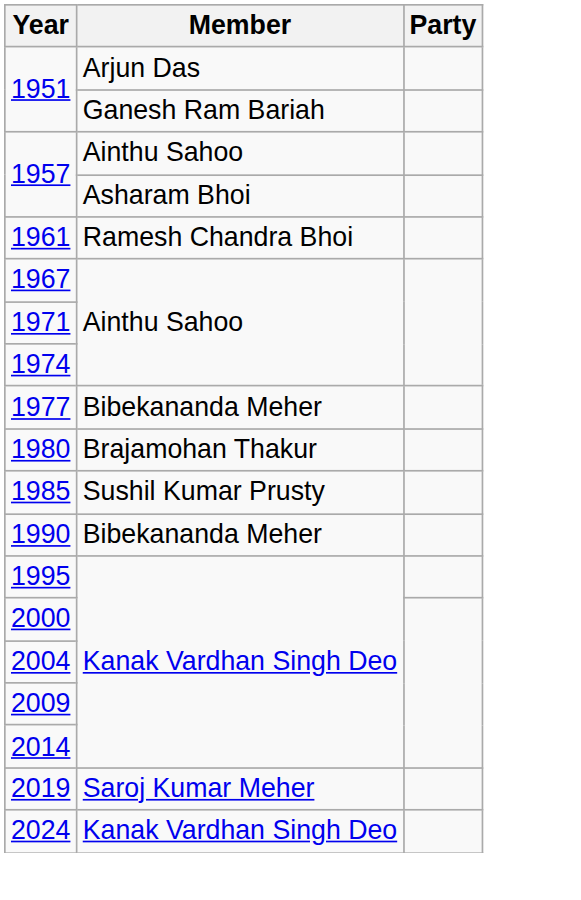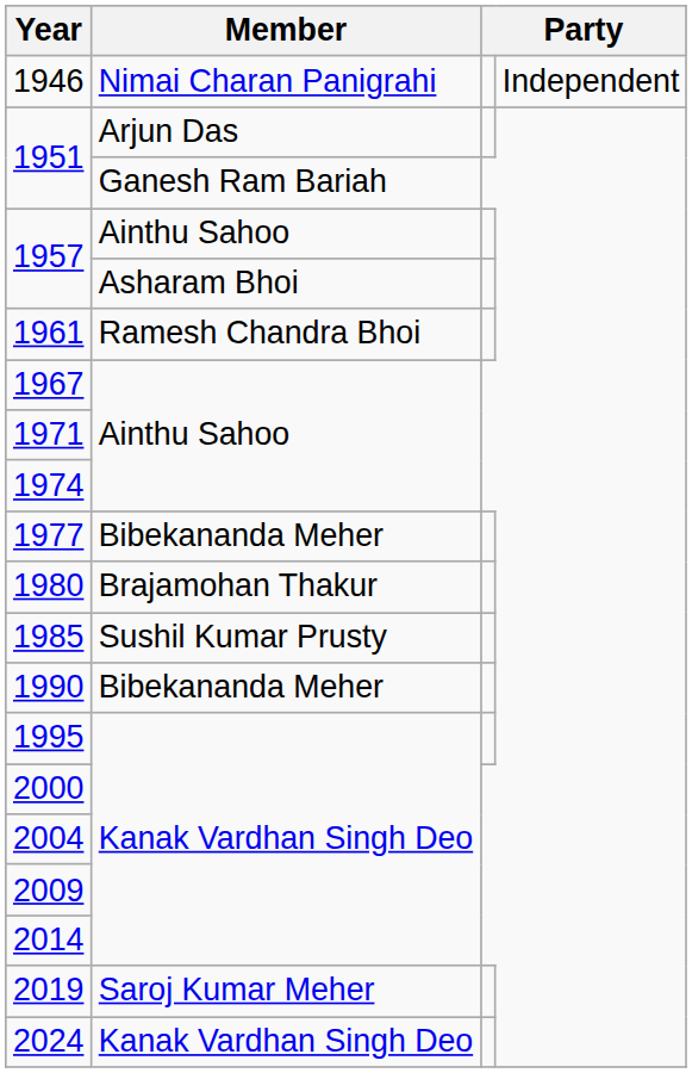 <table class="wikitable">
 <tr>
 <th>Year</th>
 <th>Member</th>
 <th colspan="2">Party</th>
+</tr>
+<tr>
+<td>1946</td>
+<td><a href='#'>Nimai Charan Panigrahi</a></td>
+<td></td>
+<td>Independent</td>
 </tr>
 <tr>
 <td rowspan="2"><a href='#'>1951</a></td>
 <td>Arjun Das</td>
 <td></td>
 </tr>
 <tr>
 <td>Ganesh Ram Bariah</td>
 </tr>
 <tr>
 <td rowspan="2"><a href='#'>1957</a></td>
 <td>Ainthu Sahoo</td>
 <td></td>
 </tr>
 <tr>
 <td>Asharam Bhoi</td>
 <td></td>
 </tr>
 <tr>
 <td><a href='#'>1961</a></td>
 <td>Ramesh Chandra Bhoi</td>
 <td></td>
 </tr>
 <tr>
 <td><a href='#'>1967</a></td>
 <td rowspan="3">Ainthu Sahoo</td>
 </tr>
 <tr>
 <td><a href='#'>1971</a></td>
 </tr>
 <tr>
 <td><a href='#'>1974</a></td>
 </tr>
 <tr>
 <td><a href='#'>1977</a></td>
 <td>Bibekananda Meher</td>
 <td></td>
 </tr>
 <tr>
 <td><a href='#'>1980</a></td>
 <td>Brajamohan Thakur</td>
 <td></td>
 </tr>
 <tr>
 <td><a href='#'>1985</a></td>
 <td>Sushil Kumar Prusty</td>
 <td></td>
 </tr>
 <tr>
 <td><a href='#'>1990</a></td>
 <td>Bibekananda Meher</td>
 <td></td>
 </tr>
 <tr>
 <td><a href='#'>1995</a></td>
 <td rowspan="5"><a href='#'>Kanak Vardhan Singh Deo</a></td>
 <td></td>
 </tr>
 <tr>
 <td><a href='#'>2000</a></td>
 </tr>
 <tr>
 <td><a href='#'>2004</a></td>
 </tr>
 <tr>
 <td><a href='#'>2009</a></td>
 </tr>
 <tr>
 <td><a href='#'>2014</a></td>
 </tr>
 <tr>
 <td><a href='#'>2019</a></td>
 <td><a href='#'>Saroj Kumar Meher</a></td>
 <td></td>
 </tr>
 <tr>
 <td><a href='#'>2024</a></td>
 <td><a href='#'>Kanak Vardhan Singh Deo</a></td>
 <td></td>
 </tr>
 </table>
